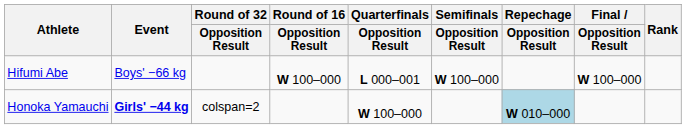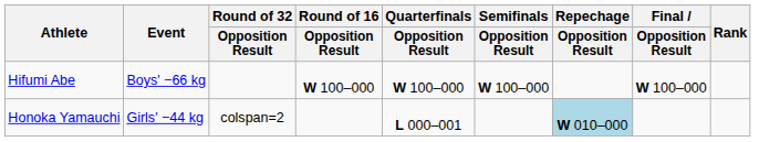 <table class="wikitable" style="font-size:90%">
 <tr>
 <th rowspan="2">Athlete</th>
 <th rowspan="2">Event</th>
 <th>Round of 32</th>
 <th>Round of 16</th>
 <th>Quarterfinals</th>
 <th>Semifinals</th>
 <th>Repechage</th>
 <th>Final / </th>
 <th rowspan=2>Rank</th>
 </tr>
 <tr style="font-size:95%">
 <th>Opposition<br>Result</th>
 <th>Opposition<br>Result</th>
 <th>Opposition<br>Result</th>
 <th>Opposition<br>Result</th>
 <th>Opposition<br>Result</th>
 <th>Opposition<br>Result</th>
 </tr>
 <tr align=center>
 <td align=left><a href='#'>Hifumi Abe</a></td>
 <td align=left><a href='#'>Boys' −66 kg</a></td>
 <td></td>
 <td><br><strong>W</strong> 100–000</td>
-<td><br><strong>L</strong> 000–001</td>
+<td><br><strong>W</strong> 100–000</td>
 <td><br><strong>W</strong> 100–000</td>
 <td></td>
 <td><br><strong>W</strong> 100–000</td>
 <td></td>
 </tr>
 <tr align=center>
 <td align=left><a href='#'>Honoka Yamauchi</a></td>
-<td align=left><strong><a href='#'>Girls' −44 kg</a></strong></td>
+<td align=left><a href='#'>Girls' −44 kg</a></td>
 <td>colspan=2 </td>
 <td></td>
-<td><br><strong>W</strong> 100–000</td>
+<td><br><strong>L</strong> 000–001</td>
 <td></td>
 <td style="background: lightblue;"><br><strong>W</strong> 010–000</td>
 <td></td>
 </tr>
 </table>
